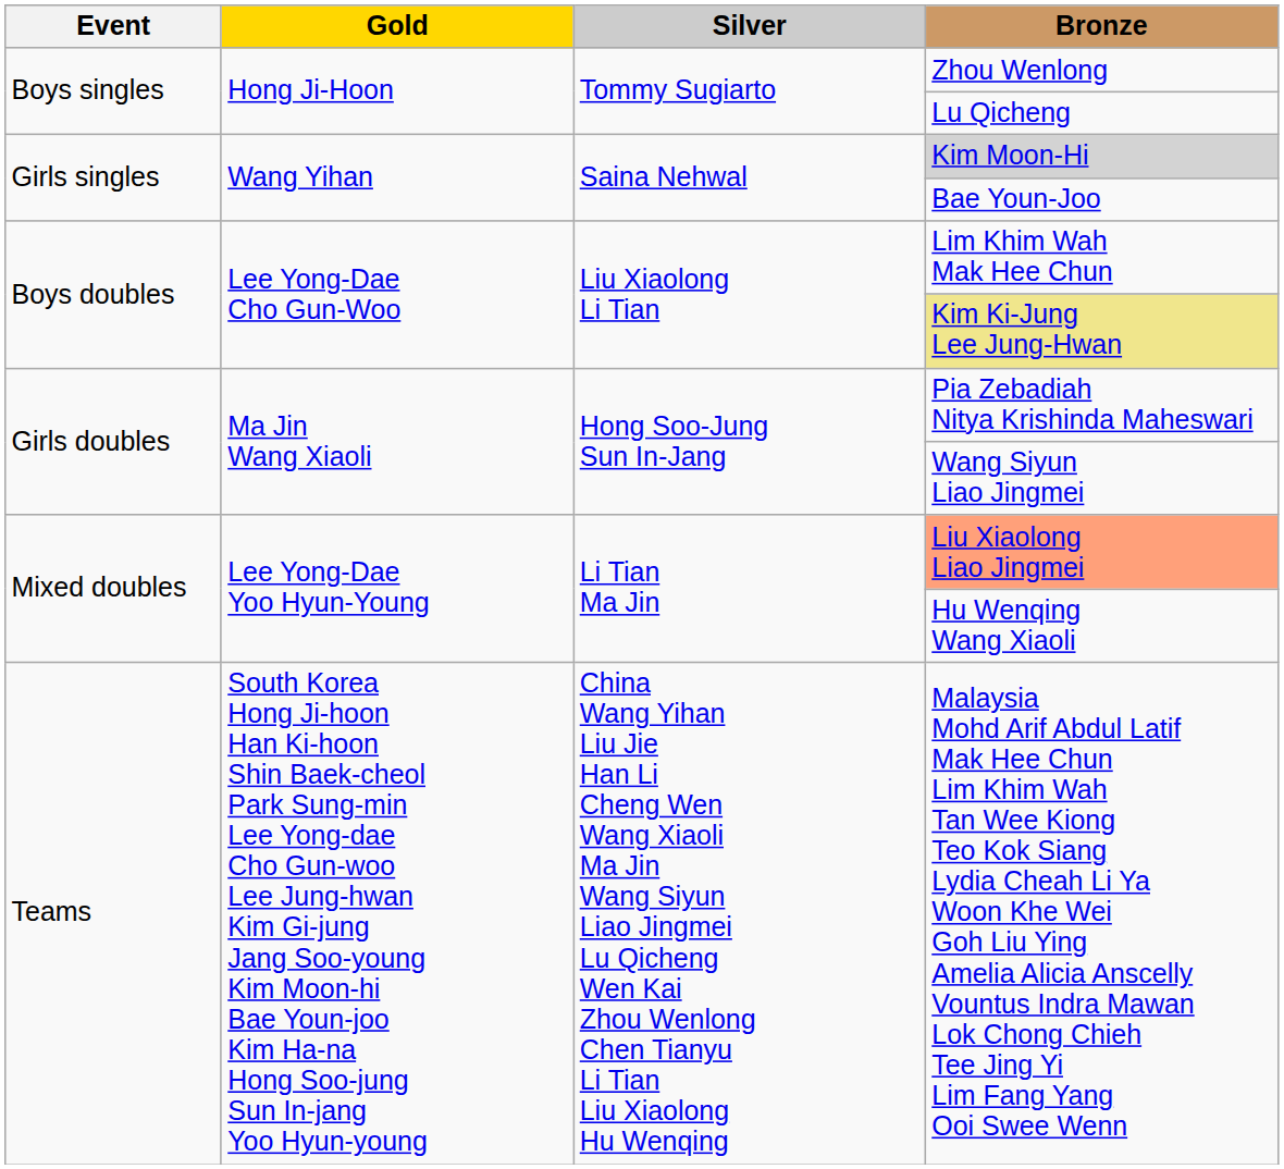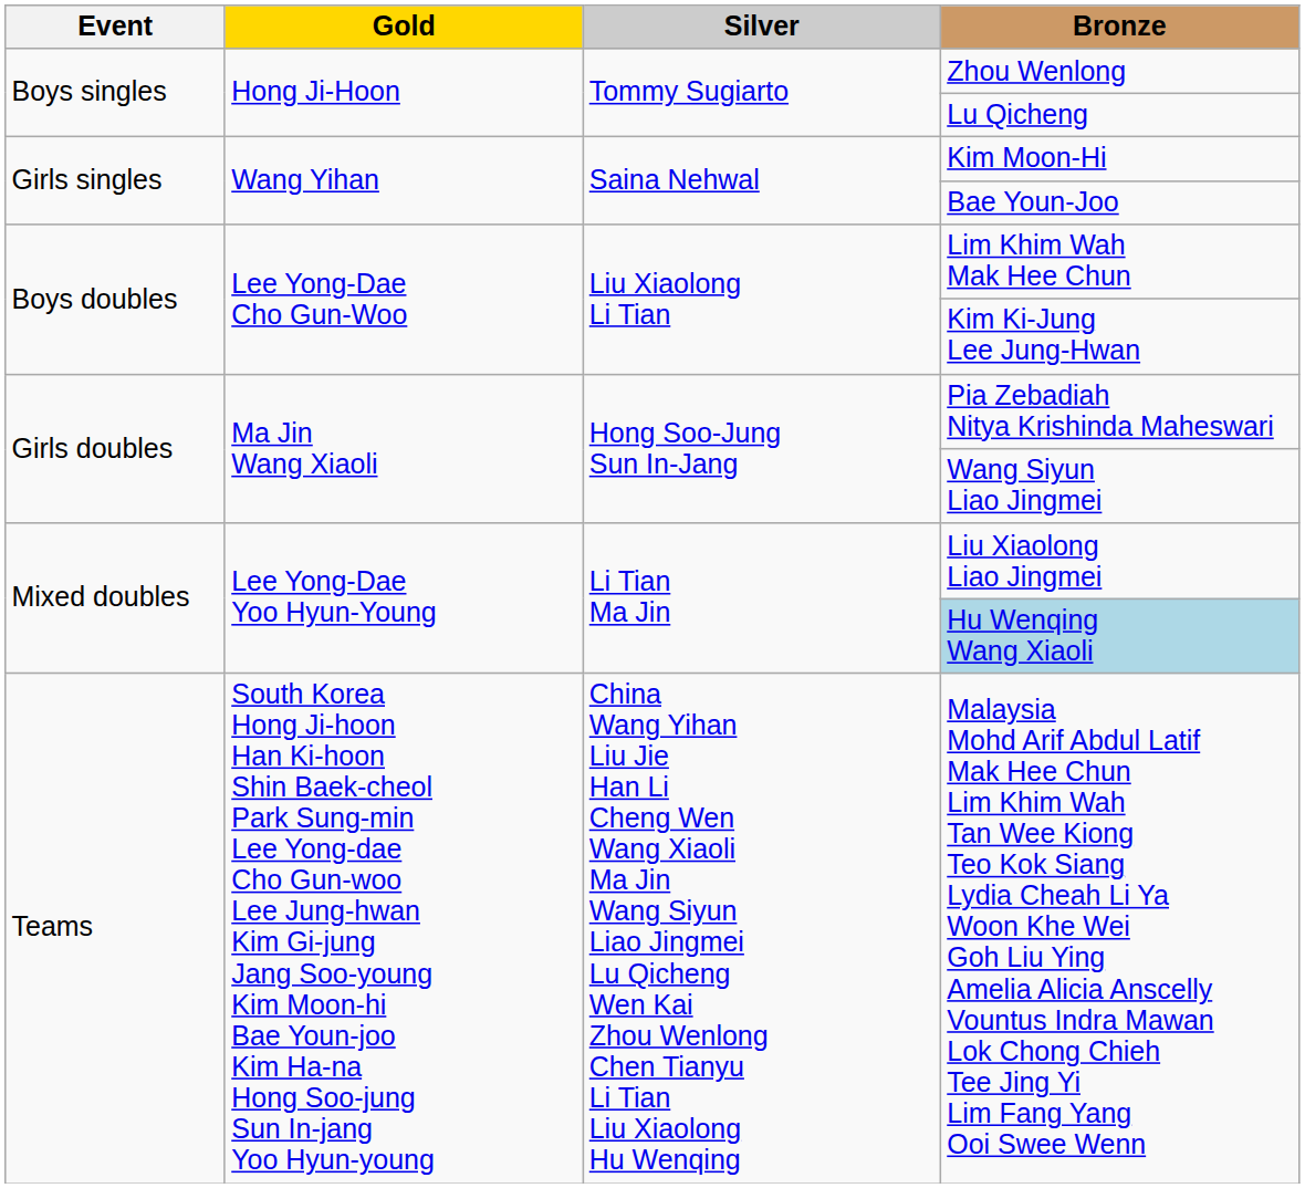 <table class="wikitable plainrowheaders" border="1" style="font-size: 100%">
 <tr style="text-align: center;">
 <th scope="col" style="width: 120px;">Event</th>
 <th scope="col" colspan=1 style="width: 200px; background: #FFD700;">Gold</th>
 <th scope="col" colspan=1 style="width: 200px; background: #CCCCCC;">Silver</th>
 <th scope="col" colspan=1 style="width: 200px; background: #CC9966;">Bronze</th>
 </tr>
 <tr>
 <td rowspan=2>Boys singles</td>
 <td rowspan=2> <a href='#'>Hong Ji-Hoon</a></td>
 <td rowspan=2><a href='#'>Tommy Sugiarto</a></td>
 <td><a href='#'>Zhou Wenlong</a></td>
 </tr>
 <tr>
 <td><a href='#'>Lu Qicheng</a></td>
 </tr>
 <tr>
 <td rowspan=2>Girls singles</td>
 <td rowspan=2><a href='#'>Wang Yihan</a></td>
 <td rowspan=2><a href='#'>Saina Nehwal</a></td>
-<td style="background: lightgrey;"><a href='#'>Kim Moon-Hi</a></td>
+<td><a href='#'>Kim Moon-Hi</a></td>
 </tr>
 <tr>
 <td><a href='#'>Bae Youn-Joo</a></td>
 </tr>
 <tr>
 <td rowspan=2>Boys doubles</td>
 <td rowspan=2><a href='#'>Lee Yong-Dae</a><br><a href='#'>Cho Gun-Woo</a></td>
 <td rowspan=2><a href='#'>Liu Xiaolong</a><br><a href='#'>Li Tian</a></td>
 <td><a href='#'>Lim Khim Wah</a><br><a href='#'>Mak Hee Chun</a></td>
 </tr>
 <tr>
-<td style="background: khaki;"><a href='#'>Kim Ki-Jung</a><br><a href='#'>Lee Jung-Hwan</a></td>
+<td><a href='#'>Kim Ki-Jung</a><br><a href='#'>Lee Jung-Hwan</a></td>
 </tr>
 <tr>
 <td rowspan=2>Girls doubles</td>
 <td rowspan=2><a href='#'>Ma Jin</a><br><a href='#'>Wang Xiaoli</a></td>
 <td rowspan=2><a href='#'>Hong Soo-Jung</a><br> <a href='#'>Sun In-Jang</a></td>
 <td><a href='#'>Pia Zebadiah</a><br><a href='#'>Nitya Krishinda Maheswari</a></td>
 </tr>
 <tr>
 <td><a href='#'>Wang Siyun</a><br><a href='#'>Liao Jingmei</a></td>
 </tr>
 <tr>
 <td rowspan=2>Mixed doubles</td>
 <td rowspan=2><a href='#'>Lee Yong-Dae</a><br><a href='#'>Yoo Hyun-Young</a></td>
 <td rowspan=2><a href='#'>Li Tian</a><br><a href='#'>Ma Jin</a></td>
-<td style="background: lightsalmon;"><a href='#'>Liu Xiaolong</a><br><a href='#'>Liao Jingmei</a></td>
+<td><a href='#'>Liu Xiaolong</a><br><a href='#'>Liao Jingmei</a></td>
 </tr>
 <tr>
-<td><a href='#'>Hu Wenqing</a><br><a href='#'>Wang Xiaoli</a></td>
+<td style="background: lightblue;"><a href='#'>Hu Wenqing</a><br><a href='#'>Wang Xiaoli</a></td>
 </tr>
 <tr>
 <td>Teams</td>
 <td><a href='#'>South Korea</a><br><a href='#'>Hong Ji-hoon</a><br><a href='#'>Han Ki-hoon</a><br><a href='#'>Shin Baek-cheol</a><br><a href='#'>Park Sung-min</a><br><a href='#'>Lee Yong-dae</a><br><a href='#'>Cho Gun-woo</a><br><a href='#'>Lee Jung-hwan</a><br><a href='#'>Kim Gi-jung</a><br><a href='#'>Jang Soo-young</a><br><a href='#'>Kim Moon-hi</a><br><a href='#'>Bae Youn-joo</a><br><a href='#'>Kim Ha-na</a><br><a href='#'>Hong Soo-jung</a><br><a href='#'>Sun In-jang</a><br><a href='#'>Yoo Hyun-young</a></td>
 <td><a href='#'>China</a><br><a href='#'>Wang Yihan</a><br><a href='#'>Liu Jie</a><br><a href='#'>Han Li</a><br><a href='#'>Cheng Wen</a><br><a href='#'>Wang Xiaoli</a><br><a href='#'>Ma Jin</a><br><a href='#'>Wang Siyun</a><br><a href='#'>Liao Jingmei</a><br><a href='#'>Lu Qicheng</a><br><a href='#'>Wen Kai</a><br><a href='#'>Zhou Wenlong</a><br><a href='#'>Chen Tianyu</a><br><a href='#'>Li Tian</a><br><a href='#'>Liu Xiaolong</a><br><a href='#'>Hu Wenqing</a></td>
 <td><a href='#'>Malaysia</a><br><a href='#'>Mohd Arif Abdul Latif</a><br><a href='#'>Mak Hee Chun</a><br><a href='#'>Lim Khim Wah</a><br><a href='#'>Tan Wee Kiong</a><br><a href='#'>Teo Kok Siang</a><br><a href='#'>Lydia Cheah Li Ya</a><br><a href='#'>Woon Khe Wei</a><br><a href='#'>Goh Liu Ying</a><br><a href='#'>Amelia Alicia Anscelly</a><br><a href='#'>Vountus Indra Mawan</a><br><a href='#'>Lok Chong Chieh</a><br><a href='#'>Tee Jing Yi</a><br><a href='#'>Lim Fang Yang</a><br><a href='#'>Ooi Swee Wenn</a></td>
 </tr>
 </table>
